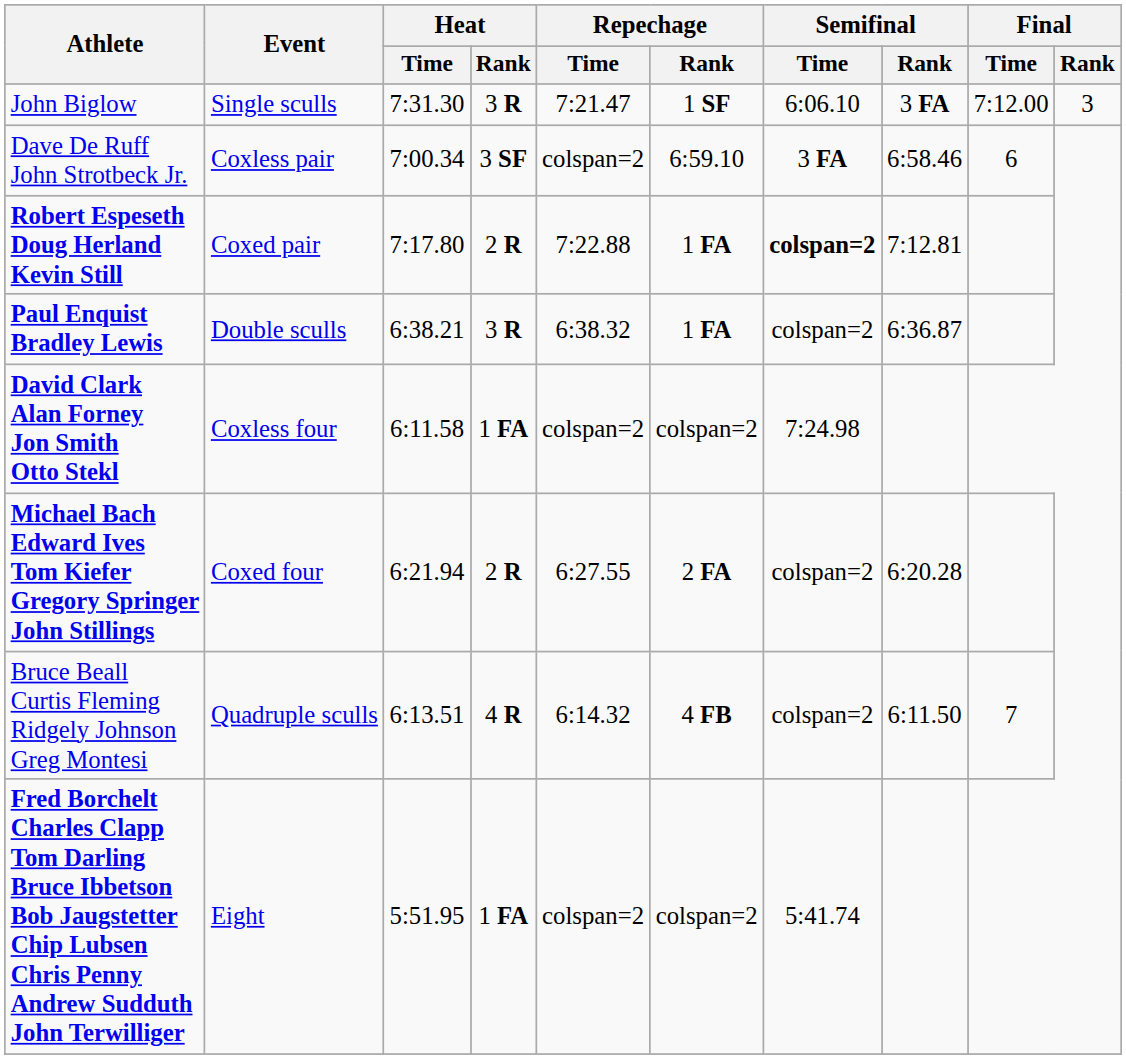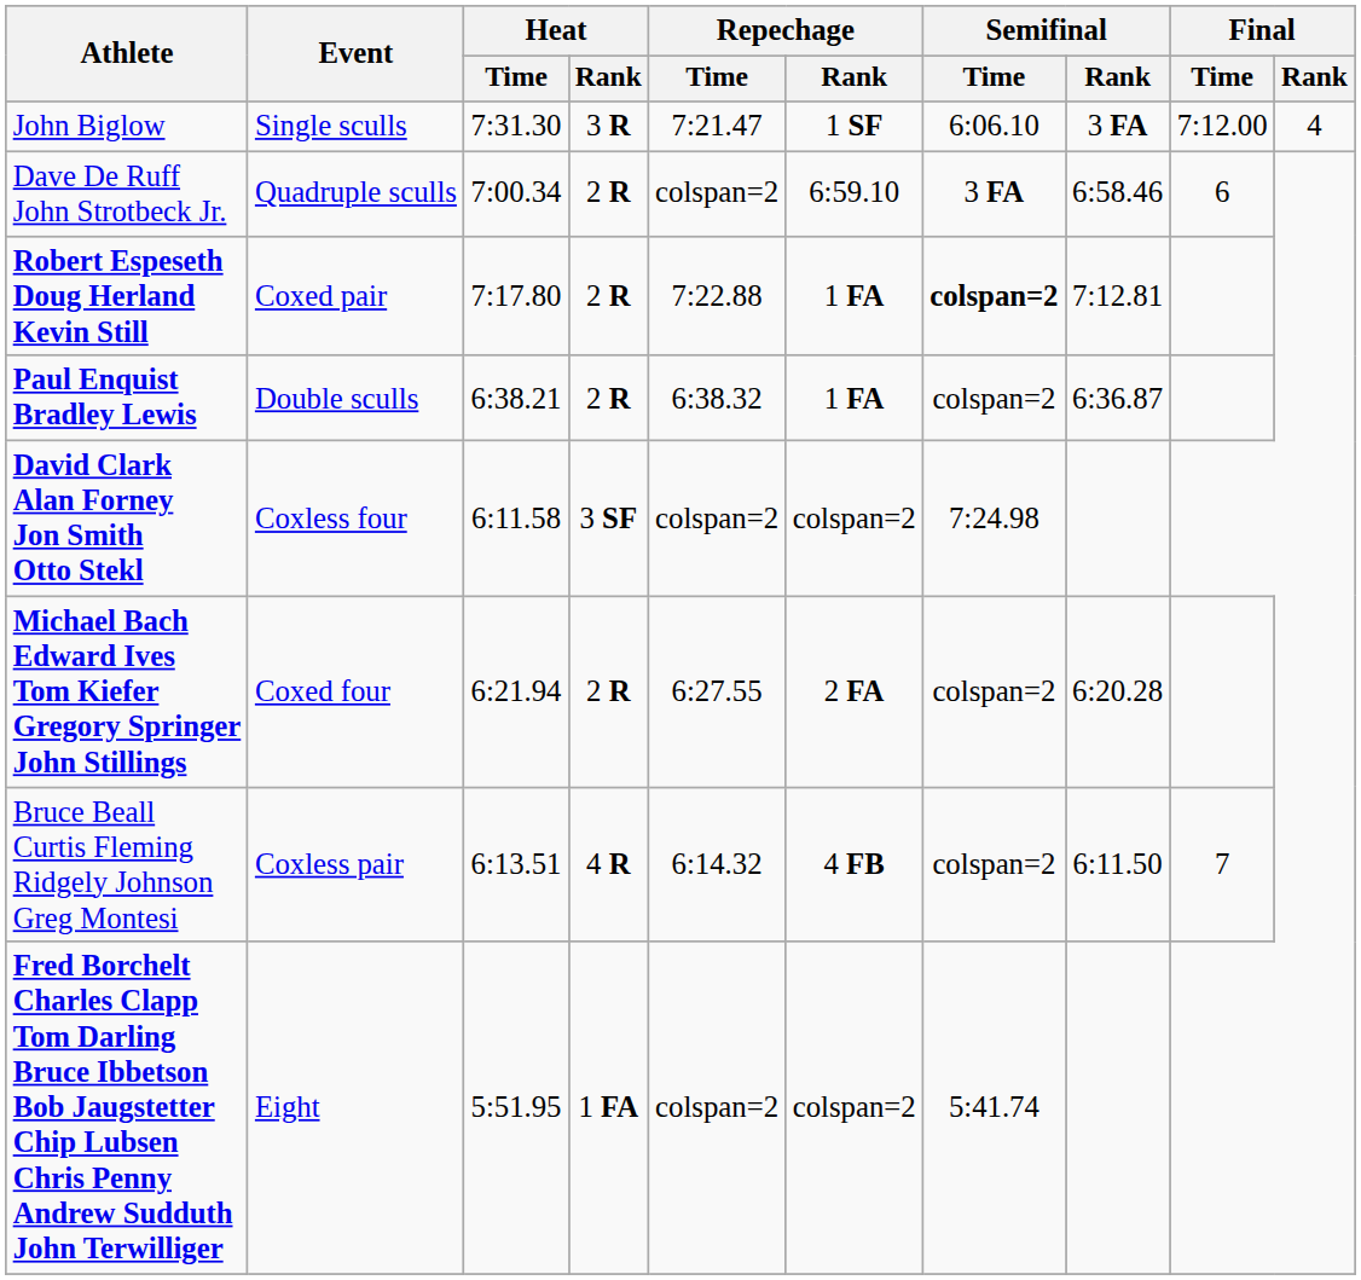 <table class=wikitable style=font-size:90%;text-align:center>
 <tr>
 <th rowspan=2>Athlete</th>
 <th rowspan=2>Event</th>
 <th colspan=2>Heat</th>
 <th colspan=2>Repechage</th>
 <th colspan=2>Semifinal</th>
 <th colspan=2>Final</th>
 </tr>
 <tr style=font-size:95%>
 <th>Time</th>
 <th>Rank</th>
 <th>Time</th>
 <th>Rank</th>
 <th>Time</th>
 <th>Rank</th>
 <th>Time</th>
 <th>Rank</th>
 </tr>
 <tr>
 <td align=left><a href='#'>John Biglow</a></td>
 <td align=left><a href='#'>Single sculls</a></td>
 <td>7:31.30</td>
 <td>3 <strong>R</strong></td>
 <td>7:21.47</td>
 <td>1 <strong>SF</strong></td>
 <td>6:06.10</td>
 <td>3 <strong>FA</strong></td>
 <td>7:12.00</td>
-<td>3</td>
+<td>4</td>
 </tr>
 <tr>
 <td align=left><a href='#'>Dave De Ruff</a><br><a href='#'>John Strotbeck Jr.</a></td>
-<td align=left><a href='#'>Coxless pair</a></td>
+<td align=left><a href='#'>Quadruple sculls</a></td>
 <td>7:00.34</td>
-<td>3 <strong>SF</strong></td>
+<td>2 <strong>R</strong></td>
 <td>colspan=2 </td>
 <td>6:59.10</td>
 <td>3 <strong>FA</strong></td>
 <td>6:58.46</td>
 <td>6</td>
 </tr>
 <tr>
 <td align=left><strong><a href='#'>Robert Espeseth</a><br><a href='#'>Doug Herland</a><br><a href='#'>Kevin Still</a></strong></td>
 <td align=left><a href='#'>Coxed pair</a></td>
 <td>7:17.80</td>
 <td>2 <strong>R</strong></td>
 <td>7:22.88</td>
 <td>1 <strong>FA</strong></td>
 <td><strong>colspan=2 </strong></td>
 <td>7:12.81</td>
 <td></td>
 </tr>
 <tr>
 <td align=left><strong><a href='#'>Paul Enquist</a><br><a href='#'>Bradley Lewis</a></strong></td>
 <td align=left><a href='#'>Double sculls</a></td>
 <td>6:38.21</td>
-<td>3 <strong>R</strong></td>
+<td>2 <strong>R</strong></td>
 <td>6:38.32</td>
 <td>1 <strong>FA</strong></td>
 <td>colspan=2 </td>
 <td>6:36.87</td>
 <td></td>
 </tr>
 <tr>
 <td align=left><strong><a href='#'>David Clark</a><br><a href='#'>Alan Forney</a><br><a href='#'>Jon Smith</a><br><a href='#'>Otto Stekl</a></strong></td>
 <td align=left><a href='#'>Coxless four</a></td>
 <td>6:11.58</td>
-<td>1 <strong>FA</strong></td>
+<td>3 <strong>SF</strong></td>
 <td>colspan=2 </td>
 <td>colspan=2 </td>
 <td>7:24.98</td>
 <td></td>
 </tr>
 <tr>
 <td align=left><strong><a href='#'>Michael Bach</a><br><a href='#'>Edward Ives</a><br><a href='#'>Tom Kiefer</a><br><a href='#'>Gregory Springer</a><br><a href='#'>John Stillings</a></strong></td>
 <td align=left><a href='#'>Coxed four</a></td>
 <td>6:21.94</td>
 <td>2 <strong>R</strong></td>
 <td>6:27.55</td>
 <td>2 <strong>FA</strong></td>
 <td>colspan=2 </td>
 <td>6:20.28</td>
 <td></td>
 </tr>
 <tr>
 <td align=left><a href='#'>Bruce Beall</a><br><a href='#'>Curtis Fleming</a><br><a href='#'>Ridgely Johnson</a><br><a href='#'>Greg Montesi</a></td>
-<td align=left><a href='#'>Quadruple sculls</a></td>
+<td align=left><a href='#'>Coxless pair</a></td>
 <td>6:13.51</td>
 <td>4 <strong>R</strong></td>
 <td>6:14.32</td>
 <td>4 <strong>FB</strong></td>
 <td>colspan=2 </td>
 <td>6:11.50</td>
 <td>7</td>
 </tr>
 <tr>
 <td align=left><strong><a href='#'>Fred Borchelt</a><br><a href='#'>Charles Clapp</a><br><a href='#'>Tom Darling</a><br><a href='#'>Bruce Ibbetson</a><br><a href='#'>Bob Jaugstetter</a><br><a href='#'>Chip Lubsen</a><br><a href='#'>Chris Penny</a><br><a href='#'>Andrew Sudduth</a><br><a href='#'>John Terwilliger</a></strong></td>
 <td align=left><a href='#'>Eight</a></td>
 <td>5:51.95</td>
 <td>1 <strong>FA</strong></td>
 <td>colspan=2 </td>
 <td>colspan=2 </td>
 <td>5:41.74</td>
 <td></td>
 </tr>
 </table>
